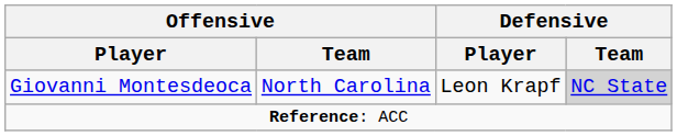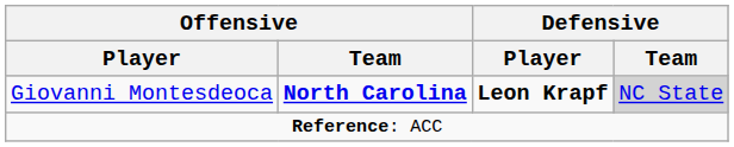 <table class="wikitable">
 <tr>
 <th colspan="2">Offensive</th>
 <th colspan="2">Defensive</th>
 </tr>
 <tr>
 <th>Player</th>
 <th>Team</th>
 <th>Player</th>
 <th>Team</th>
 </tr>
 <tr>
 <td><a href='#'>Giovanni Montesdeoca</a></td>
-<td><a href='#'>North Carolina</a></td>
-<td>Leon Krapf</td>
+<td><strong><a href='#'>North Carolina</a></strong></td>
+<td><strong>Leon Krapf</strong></td>
 <td style="background: lightgrey;"><a href='#'>NC State</a></td>
 </tr>
 <tr>
 <td colspan="12"  style="font-size:8pt; text-align:center;"><strong>Reference</strong>: ACC</td>
 </tr>
 </table>
